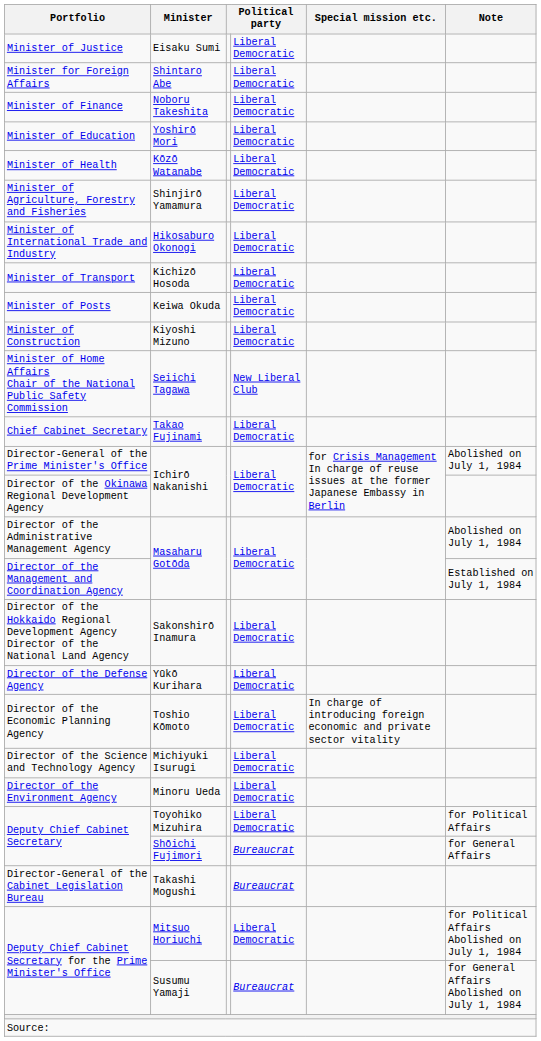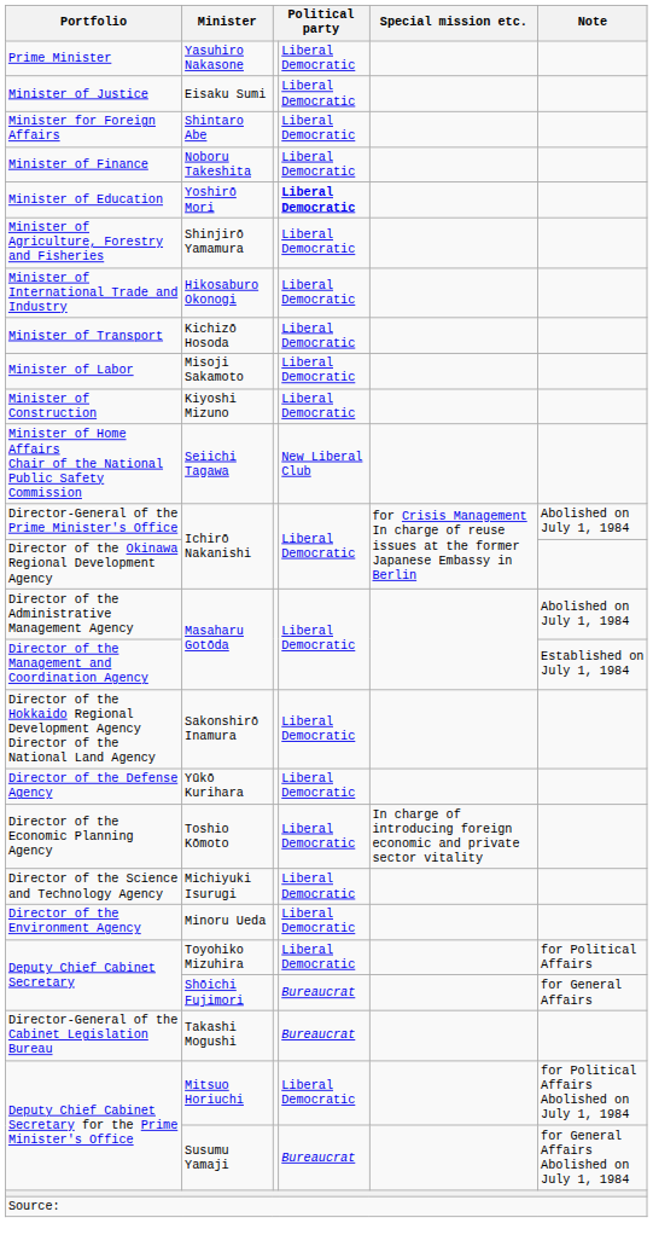 <table class="wikitable unsortable" style="font-size: 90%;">
 <tr>
 <th scope="col">Portfolio</th>
 <th scope="col">Minister</th>
 <th colspan=2 scope="col">Political party</th>
 <th scope="col">Special mission etc.</th>
 <th scope="col">Note</th>
+</tr>
+<tr>
+<td><a href='#'>Prime Minister</a></td>
+<td><a href='#'>Yasuhiro Nakasone</a></td>
+<td width="0.5%" style="background:"></td>
+<td><a href='#'>Liberal Democratic</a></td>
+<td></td>
+<td></td>
 </tr>
 <tr>
 <td><a href='#'>Minister of Justice</a></td>
 <td>Eisaku Sumi</td>
 <td width="0.5%" style="background:"></td>
 <td><a href='#'>Liberal Democratic</a></td>
 <td></td>
 <td></td>
 </tr>
 <tr>
 <td><a href='#'>Minister for Foreign Affairs</a></td>
 <td><a href='#'>Shintaro Abe</a></td>
 <td width="0.5%" style="background:"></td>
 <td><a href='#'>Liberal Democratic</a></td>
 <td></td>
 <td></td>
 </tr>
 <tr>
 <td><a href='#'>Minister of Finance</a></td>
 <td><a href='#'>Noboru Takeshita</a></td>
 <td width="0.5%" style="background:"></td>
 <td><a href='#'>Liberal Democratic</a></td>
 <td></td>
 <td></td>
 </tr>
 <tr>
 <td><a href='#'>Minister of Education</a></td>
 <td><a href='#'>Yoshirō Mori</a></td>
 <td width="0.5%" style="background:"></td>
-<td><a href='#'>Liberal Democratic</a></td>
-<td></td>
-<td></td>
-</tr>
-<tr>
-<td><a href='#'>Minister of Health</a></td>
-<td><a href='#'>Kōzō Watanabe</a></td>
-<td width="0.5%" style="background:"></td>
-<td><a href='#'>Liberal Democratic</a></td>
+<td><strong><a href='#'>Liberal Democratic</a></strong></td>
 <td></td>
 <td></td>
 </tr>
 <tr>
 <td><a href='#'>Minister of Agriculture, Forestry and Fisheries</a></td>
 <td>Shinjirō Yamamura</td>
 <td width="0.5%" style="background:"></td>
 <td><a href='#'>Liberal Democratic</a></td>
 <td></td>
 <td></td>
 </tr>
 <tr>
 <td><a href='#'>Minister of International Trade and Industry</a></td>
 <td><a href='#'>Hikosaburo Okonogi</a></td>
 <td width="0.5%" style="background:"></td>
 <td><a href='#'>Liberal Democratic</a></td>
 <td></td>
 <td></td>
 </tr>
 <tr>
 <td><a href='#'>Minister of Transport</a></td>
 <td>Kichizō Hosoda</td>
 <td width="0.5%" style="background:"></td>
 <td><a href='#'>Liberal Democratic</a></td>
 <td></td>
 <td></td>
 </tr>
 <tr>
-<td><a href='#'>Minister of Posts</a></td>
-<td>Keiwa Okuda</td>
+<td><a href='#'>Minister of Labor</a></td>
+<td>Misoji Sakamoto</td>
 <td width="0.5%" style="background:"></td>
 <td><a href='#'>Liberal Democratic</a></td>
 <td></td>
 <td></td>
 </tr>
 <tr>
 <td><a href='#'>Minister of Construction</a></td>
 <td>Kiyoshi Mizuno</td>
 <td width="0.5%" style="background:"></td>
 <td><a href='#'>Liberal Democratic</a></td>
 <td></td>
 <td></td>
 </tr>
 <tr>
 <td><a href='#'>Minister of Home Affairs</a><br><a href='#'>Chair of the National Public Safety Commission</a></td>
 <td><a href='#'>Seiichi Tagawa</a></td>
 <td width="0.5%" style="background:"></td>
 <td><a href='#'>New Liberal Club</a></td>
-<td></td>
-<td></td>
-</tr>
-<tr>
-<td><a href='#'>Chief Cabinet Secretary</a></td>
-<td><a href='#'>Takao Fujinami</a></td>
-<td width="0.5%" style="background:"></td>
-<td><a href='#'>Liberal Democratic</a></td>
 <td></td>
 <td></td>
 </tr>
 <tr>
 <td>Director-General of the <a href='#'>Prime Minister's Office</a></td>
 <td rowspan=2>Ichirō Nakanishi</td>
 <td rowspan=2 width="0.5%" style="background:"></td>
 <td rowspan=2><a href='#'>Liberal Democratic</a></td>
 <td rowspan=2>for <a href='#'>Crisis Management</a><br>In charge of reuse issues at the former Japanese Embassy in <a href='#'>Berlin</a></td>
 <td>Abolished on July 1, 1984</td>
 </tr>
 <tr>
 <td>Director of the <a href='#'>Okinawa</a> Regional Development Agency</td>
 <td></td>
 </tr>
 <tr>
 <td>Director of the Administrative Management Agency</td>
 <td rowspan=2><a href='#'>Masaharu Gotōda</a></td>
 <td rowspan=2 width="0.5%" style="background:"></td>
 <td rowspan=2><a href='#'>Liberal Democratic</a></td>
 <td rowspan=2></td>
 <td>Abolished on July 1, 1984</td>
 </tr>
 <tr>
 <td><a href='#'>Director of the Management and Coordination Agency</a></td>
 <td>Established on July 1, 1984</td>
 </tr>
 <tr>
 <td>Director of the <a href='#'>Hokkaido</a> Regional Development Agency<br>Director of the National Land Agency</td>
 <td>Sakonshirō Inamura</td>
 <td width="0.5%" style="background:"></td>
 <td><a href='#'>Liberal Democratic</a></td>
 <td></td>
 <td></td>
 </tr>
 <tr>
 <td><a href='#'>Director of the Defense Agency</a></td>
 <td>Yūkō Kurihara</td>
 <td width="0.5%" style="background:"></td>
 <td><a href='#'>Liberal Democratic</a></td>
 <td></td>
 <td></td>
 </tr>
 <tr>
 <td>Director of the Economic Planning Agency</td>
 <td>Toshio Kōmoto</td>
 <td width="0.5%" style="background:"></td>
 <td><a href='#'>Liberal Democratic</a></td>
 <td>In charge of introducing foreign economic and private sector vitality</td>
 <td></td>
 </tr>
 <tr>
 <td>Director of the Science and Technology Agency</td>
 <td>Michiyuki Isurugi</td>
 <td width="0.5%" style="background:"></td>
 <td><a href='#'>Liberal Democratic</a></td>
 <td></td>
 <td></td>
 </tr>
 <tr>
 <td><a href='#'>Director of the Environment Agency</a></td>
 <td>Minoru Ueda</td>
 <td width="0.5%" style="background:"></td>
 <td><a href='#'>Liberal Democratic</a></td>
 <td></td>
 <td></td>
 </tr>
 <tr>
 <td rowspan=2><a href='#'>Deputy Chief Cabinet Secretary</a></td>
 <td>Toyohiko Mizuhira</td>
 <td width="0.5%" style="background:"></td>
 <td><a href='#'>Liberal Democratic</a></td>
 <td></td>
 <td>for Political Affairs</td>
 </tr>
 <tr>
 <td><a href='#'>Shōichi Fujimori</a></td>
 <td width="0.5%" style="background:"></td>
 <td><em><a href='#'>Bureaucrat</a></em></td>
 <td></td>
 <td>for General Affairs</td>
 </tr>
 <tr>
 <td>Director-General of the <a href='#'>Cabinet Legislation Bureau</a></td>
 <td>Takashi Mogushi</td>
 <td width="0.5%" style="background:"></td>
 <td><em><a href='#'>Bureaucrat</a></em></td>
 <td></td>
 <td></td>
 </tr>
 <tr>
 <td rowspan=2><a href='#'>Deputy Chief Cabinet Secretary</a> for the <a href='#'>Prime Minister's Office</a></td>
 <td><a href='#'>Mitsuo Horiuchi</a></td>
 <td width="0.5%" style="background:"></td>
 <td><a href='#'>Liberal Democratic</a></td>
 <td></td>
 <td>for Political Affairs<br>Abolished on July 1, 1984</td>
 </tr>
 <tr>
 <td>Susumu Yamaji</td>
 <td width="0.5%" style="background:"></td>
 <td><em><a href='#'>Bureaucrat</a></em></td>
 <td></td>
 <td>for General Affairs<br>Abolished on July 1, 1984</td>
 </tr>
 <tr>
 <th colspan="6"></th>
 </tr>
 <tr>
 <td colspan="6">Source:</td>
 </tr>
 </table>
